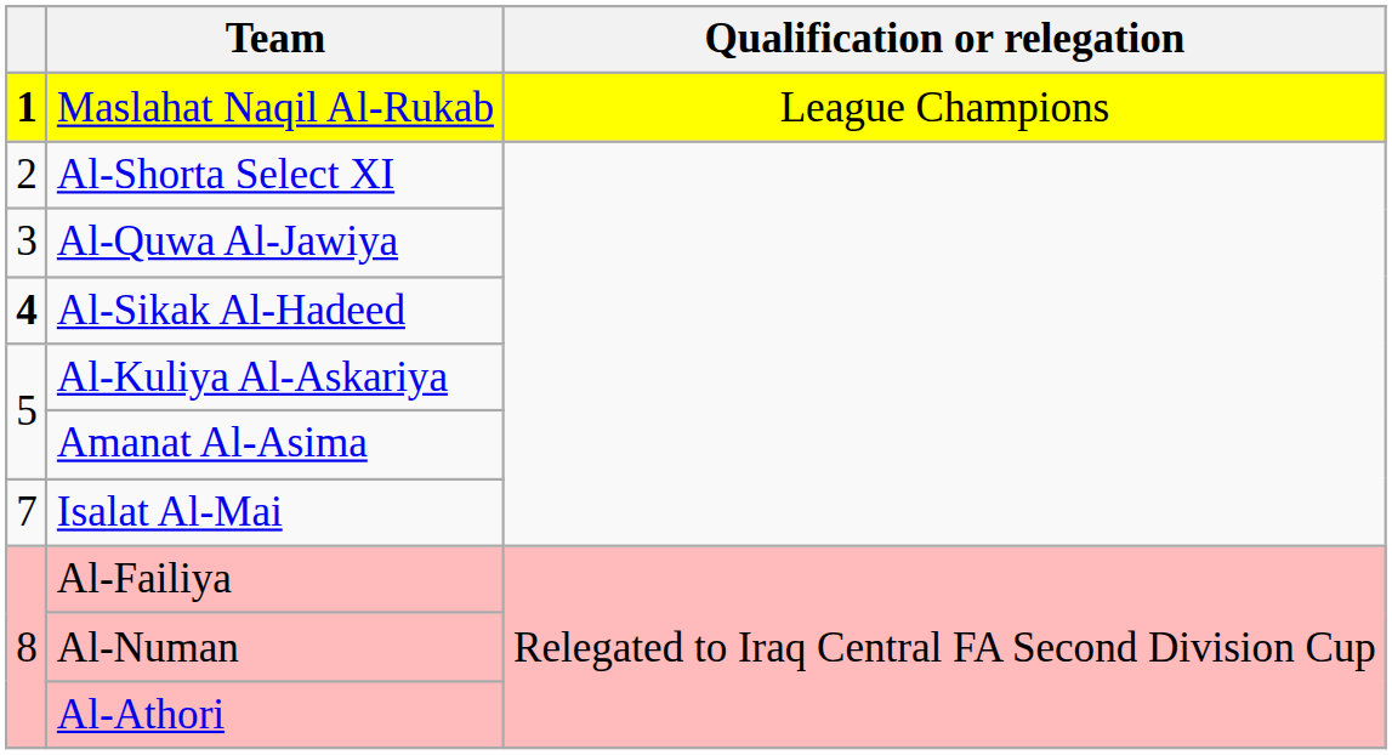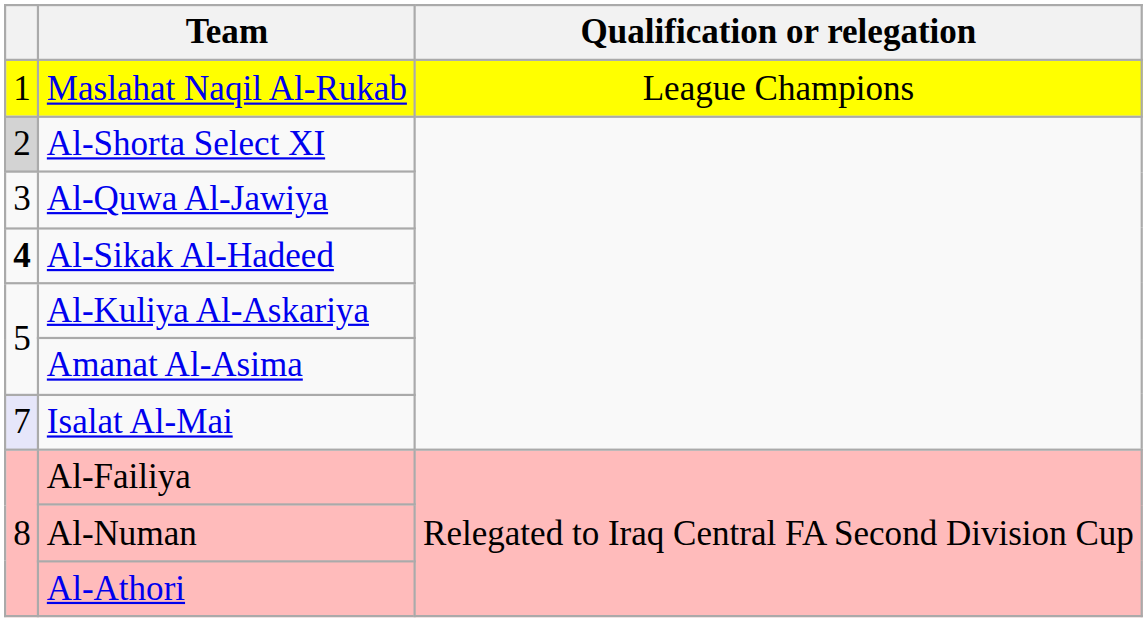 <table class="wikitable" style="text-align: center">
 <tr>
 <th><strong></strong></th>
 <th><strong>Team</strong></th>
 <th><strong>Qualification or relegation</strong></th>
 </tr>
 <tr>
-<td style="background:#FFFF00"><strong>1</strong></td>
+<td style="background:#FFFF00">1</td>
 <td style="background:#FFFF00; text-align: left"><a href='#'>Maslahat Naqil Al-Rukab</a></td>
 <td style="background:#FFFF00">League Champions</td>
 </tr>
 <tr>
-<td>2</td>
+<td style="background: lightgrey;">2</td>
 <td style="text-align: left"><a href='#'>Al-Shorta Select XI</a></td>
 </tr>
 <tr>
 <td>3</td>
 <td style="text-align: left"><a href='#'>Al-Quwa Al-Jawiya</a></td>
 </tr>
 <tr>
 <td><strong>4</strong></td>
 <td style="text-align: left"><a href='#'>Al-Sikak Al-Hadeed</a></td>
 </tr>
 <tr>
 <td rowspan=2>5</td>
 <td style="text-align: left"><a href='#'>Al-Kuliya Al-Askariya</a></td>
 </tr>
 <tr>
 <td style="text-align: left"><a href='#'>Amanat Al-Asima</a></td>
 </tr>
 <tr>
-<td>7</td>
+<td style="background: lavender;">7</td>
 <td style="text-align: left"><a href='#'>Isalat Al-Mai</a></td>
 </tr>
 <tr>
 <td bgcolor=FFBBBB rowspan=3>8</td>
 <td bgcolor=FFBBBB style="text-align: left">Al-Failiya</td>
 <td bgcolor=FFBBBB rowspan=3>Relegated to Iraq Central FA Second Division Cup</td>
 </tr>
 <tr>
 <td bgcolor=FFBBBB style="text-align: left">Al-Numan</td>
 </tr>
 <tr>
 <td bgcolor=FFBBBB style="text-align: left"><a href='#'>Al-Athori</a></td>
 </tr>
 </table>
